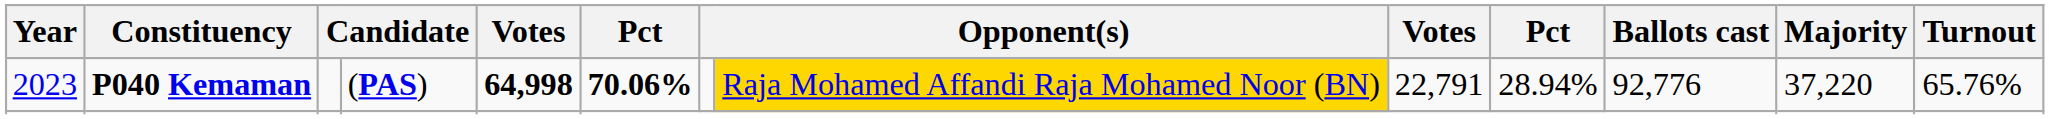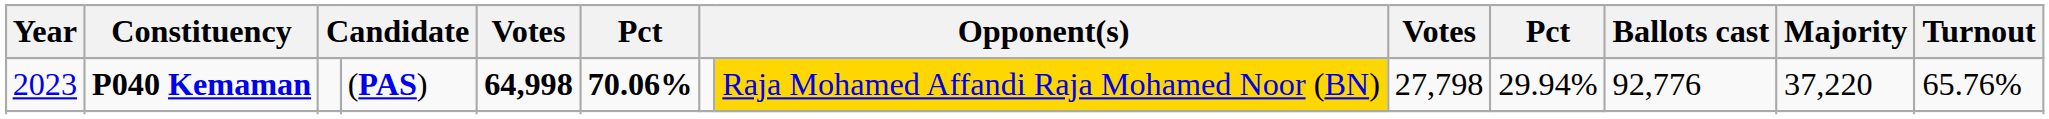 <table class="wikitable" style="margin:0.5em ; font-size:95%">
 <tr>
 <th>Year</th>
 <th>Constituency</th>
 <th colspan=2>Candidate</th>
 <th>Votes</th>
 <th>Pct</th>
 <th colspan=2>Opponent(s)</th>
 <th>Votes</th>
 <th>Pct</th>
 <th>Ballots cast</th>
 <th>Majority</th>
 <th>Turnout</th>
 </tr>
 <tr>
 <td rowspan=4><a href='#'>2023</a></td>
 <td rowspan=4><strong>P040 <a href='#'>Kemaman</a></strong></td>
 <td rowspan=4 ></td>
 <td rowspan=4> (<strong><a href='#'>PAS</a></strong>)</td>
 <td rowspan=4 align="right"><strong>64,998</strong></td>
 <td rowspan=4><strong>70.06%</strong></td>
 <td></td>
 <td style="background: gold;"><a href='#'>Raja Mohamed Affandi Raja Mohamed Noor</a> (<a href='#'>BN</a>)</td>
-<td align="right">22,791</td>
-<td>28.94%</td>
+<td align="right">27,798</td>
+<td>29.94%</td>
 <td rowspan=4>92,776</td>
 <td rowspan=4>37,220</td>
 <td rowspan=4>65.76%</td>
 </tr>
 <tr>
 </tr>
 </table>
